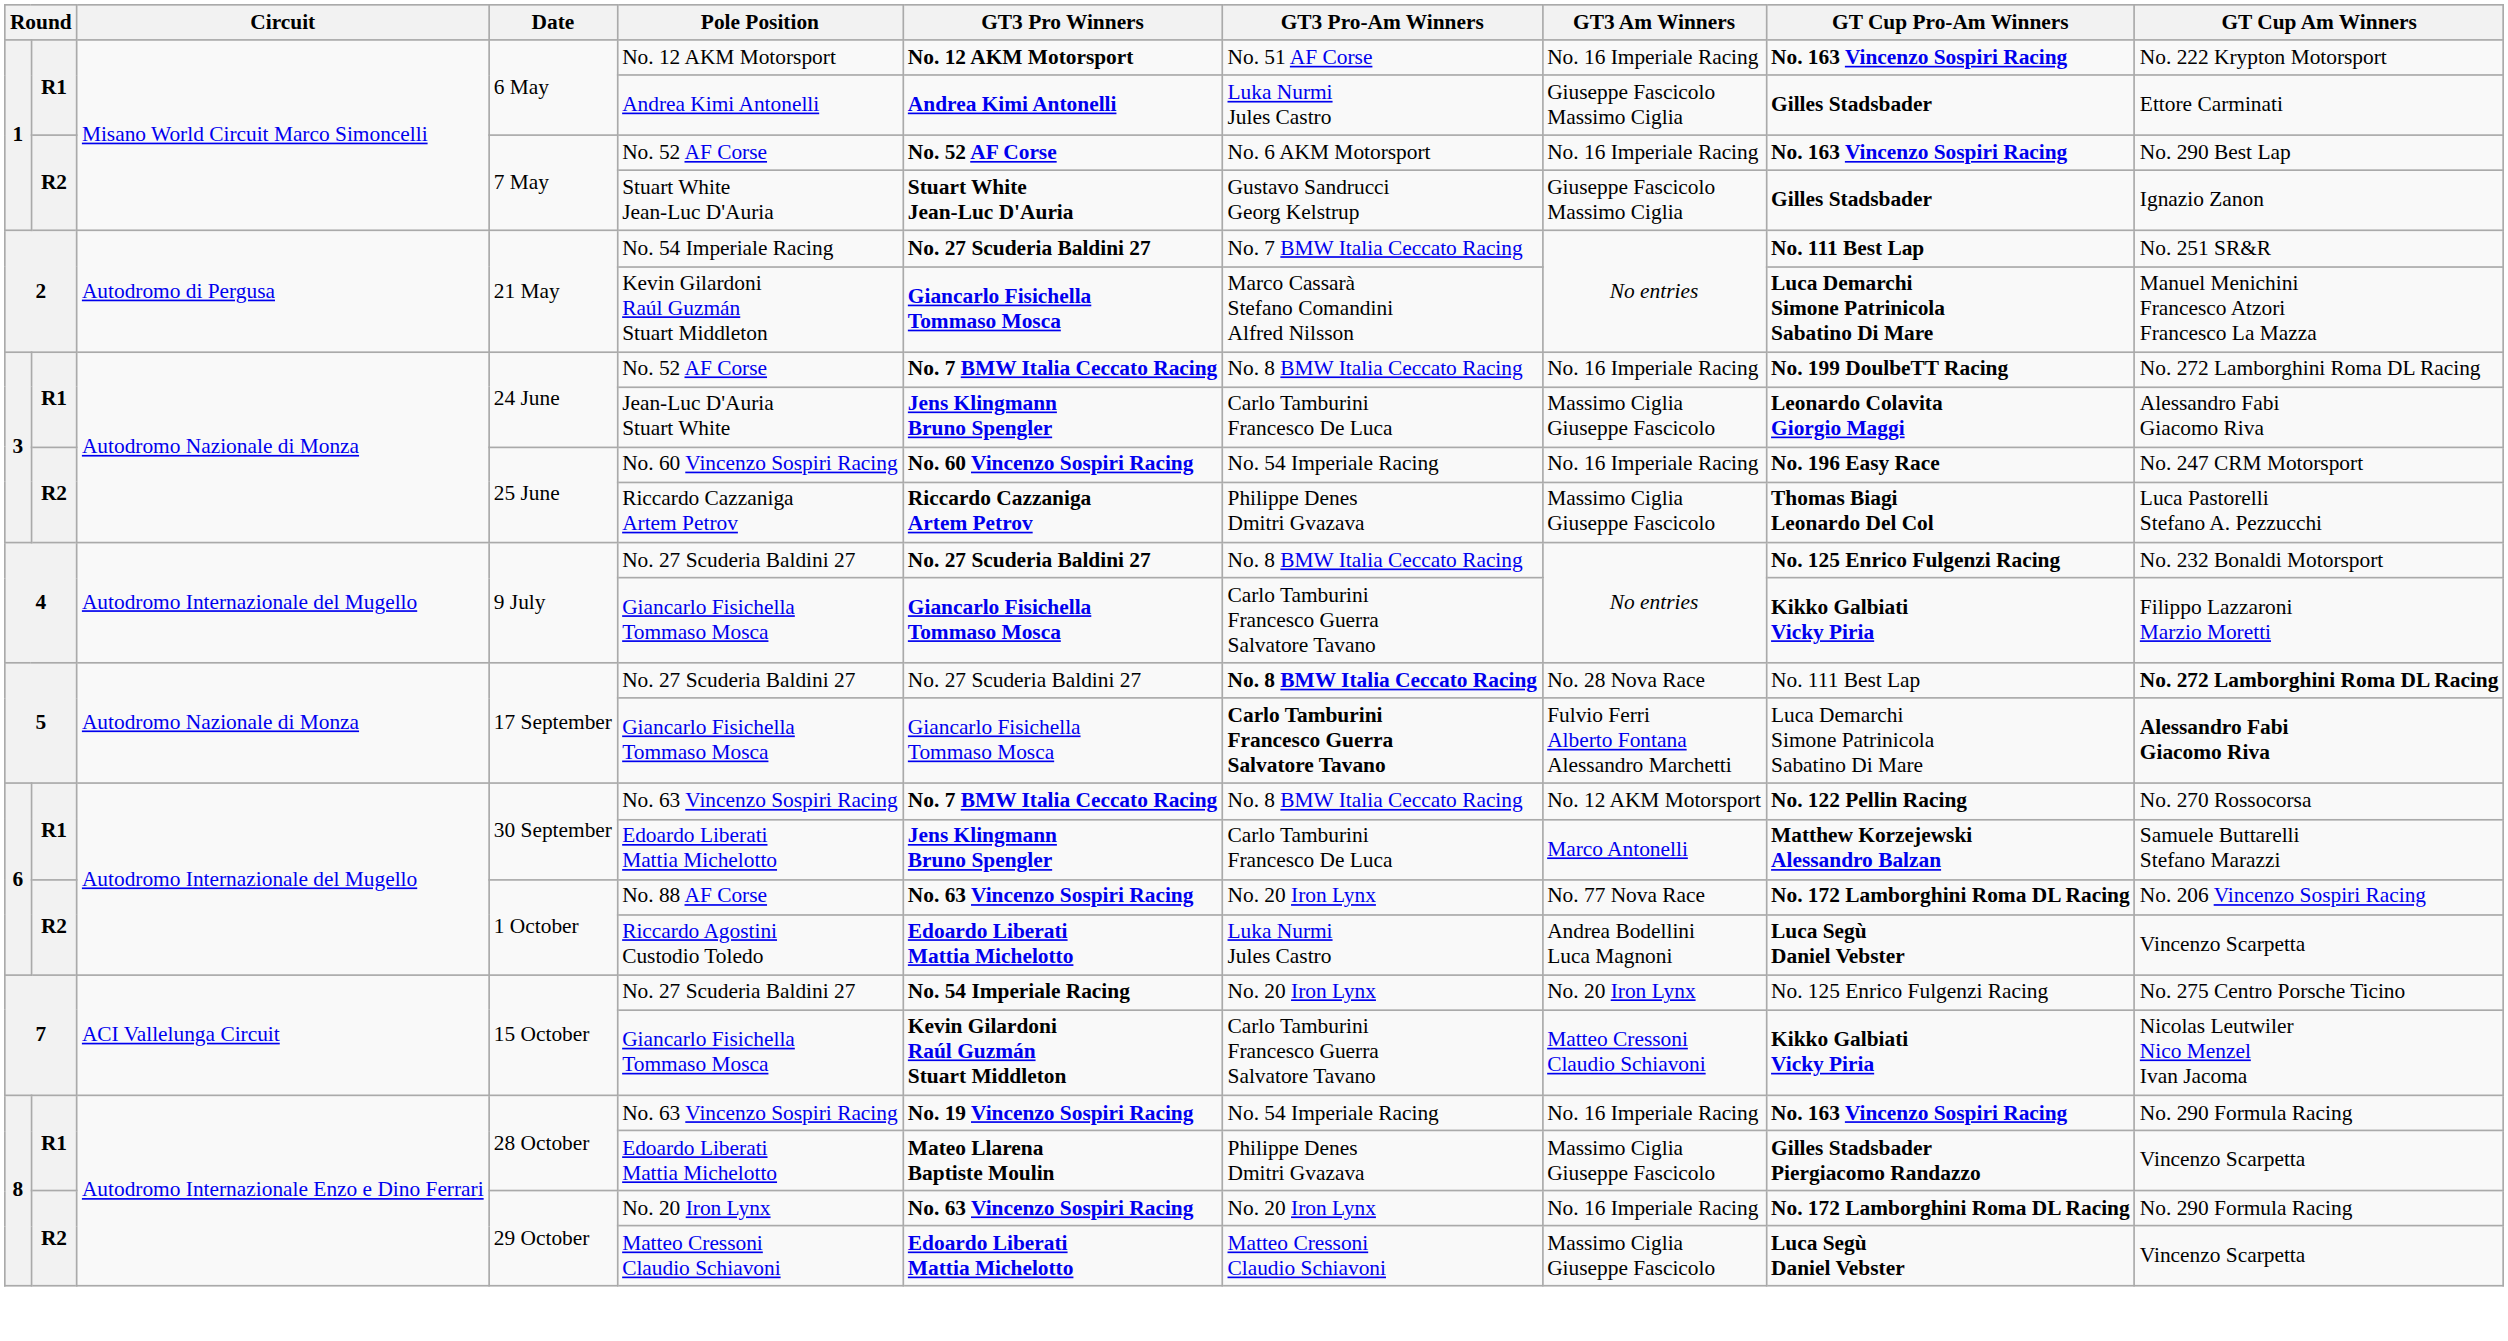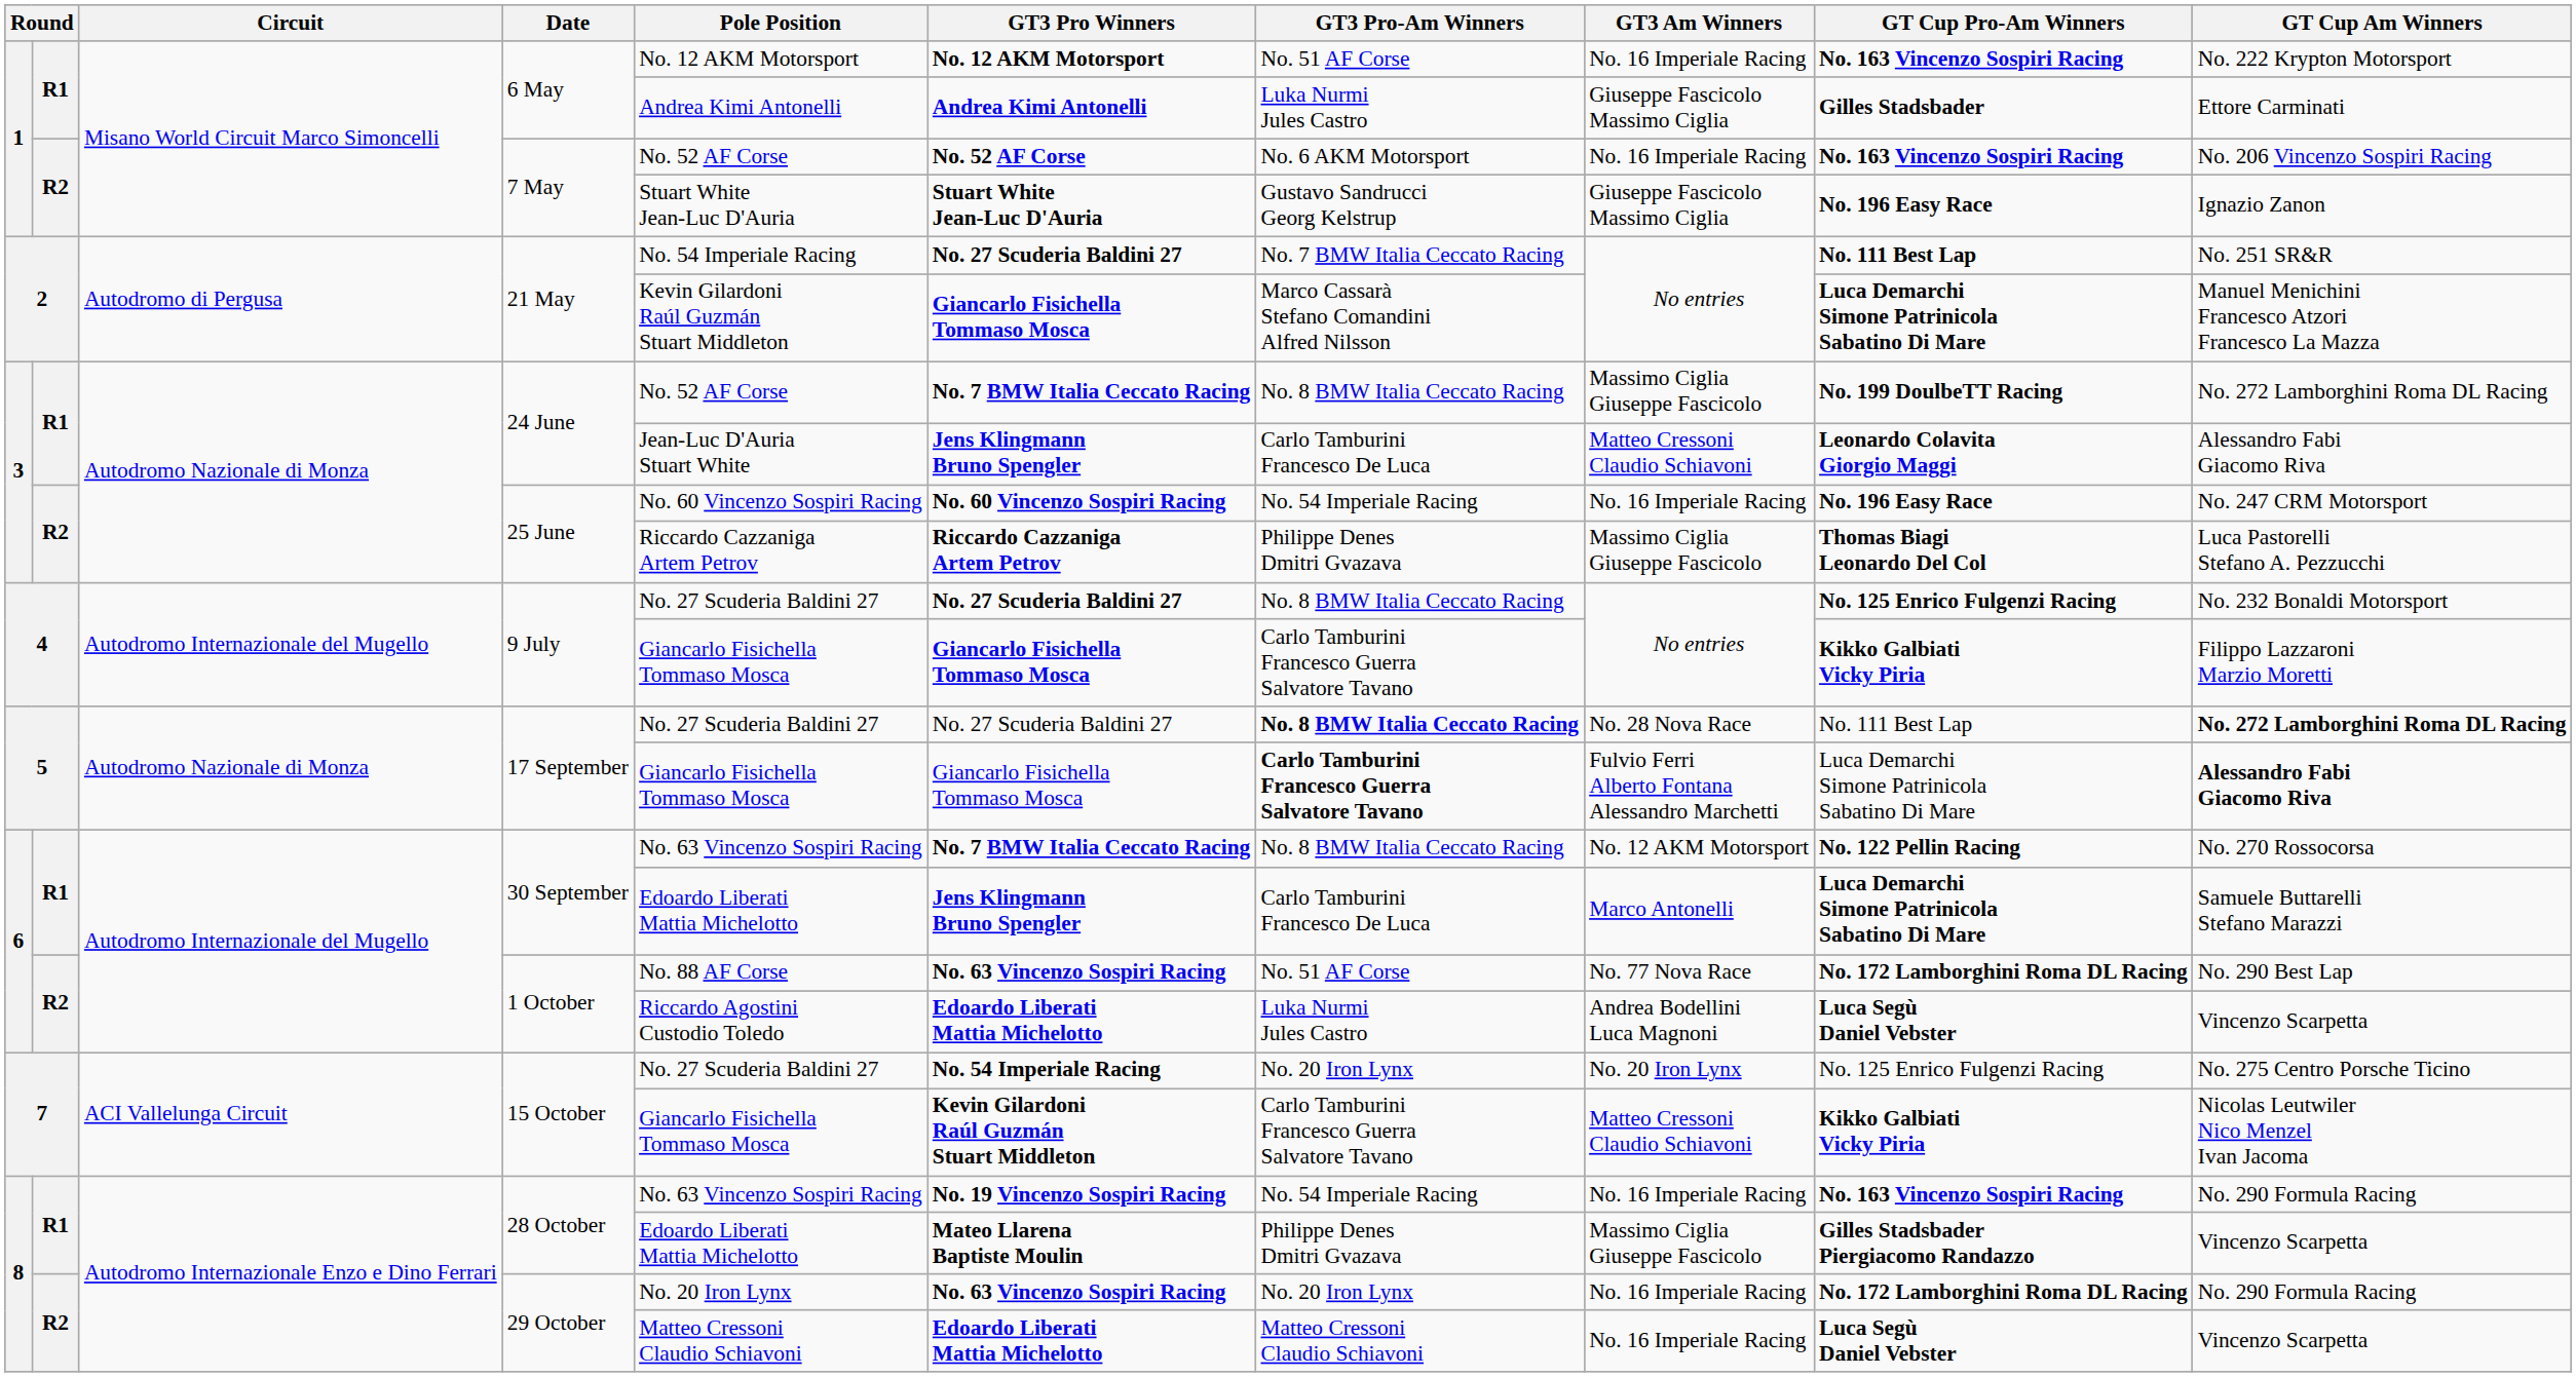 <table class="wikitable" style="font-size:80%;">
 <tr>
 <th colspan="2">Round</th>
 <th>Circuit</th>
 <th>Date</th>
 <th>Pole Position</th>
 <th>GT3 Pro Winners</th>
 <th>GT3 Pro-Am Winners</th>
 <th>GT3 Am Winners</th>
 <th>GT Cup Pro-Am Winners</th>
 <th>GT Cup Am Winners</th>
 </tr>
 <tr>
 <th rowspan="4">1</th>
 <th rowspan="2">R1</th>
 <td rowspan="4"> <a href='#'>Misano World Circuit Marco Simoncelli</a></td>
 <td rowspan="2">6 May</td>
 <td> No. 12 AKM Motorsport</td>
 <td><strong> No. 12 AKM Motorsport</strong></td>
 <td> No. 51 <a href='#'>AF Corse</a></td>
 <td> No. 16 Imperiale Racing</td>
 <td><strong> No. 163 <a href='#'>Vincenzo Sospiri Racing</a></strong></td>
 <td> No. 222 Krypton Motorsport</td>
 </tr>
 <tr>
 <td> <a href='#'>Andrea Kimi Antonelli</a></td>
 <td><strong> <a href='#'>Andrea Kimi Antonelli</a></strong></td>
 <td> <a href='#'>Luka Nurmi</a><br> Jules Castro</td>
 <td> Giuseppe Fascicolo<br> Massimo Ciglia</td>
 <td><strong> Gilles Stadsbader</strong></td>
 <td> Ettore Carminati</td>
 </tr>
 <tr>
 <th rowspan="2">R2</th>
 <td rowspan="2">7 May</td>
 <td> No. 52 <a href='#'>AF Corse</a></td>
 <td><strong> No. 52 <a href='#'>AF Corse</a></strong></td>
 <td> No. 6 AKM Motorsport</td>
 <td> No. 16 Imperiale Racing</td>
 <td><strong> No. 163 <a href='#'>Vincenzo Sospiri Racing</a></strong></td>
-<td> No. 290 Best Lap</td>
+<td> No. 206 <a href='#'>Vincenzo Sospiri Racing</a></td>
 </tr>
 <tr>
 <td> Stuart White<br> Jean-Luc D'Auria</td>
 <td><strong> Stuart White<br> Jean-Luc D'Auria</strong></td>
 <td> Gustavo Sandrucci<br> Georg Kelstrup</td>
 <td> Giuseppe Fascicolo<br> Massimo Ciglia</td>
-<td><strong> Gilles Stadsbader</strong></td>
+<td><strong> No. 196 Easy Race</strong></td>
 <td> Ignazio Zanon</td>
 </tr>
 <tr>
 <th rowspan="2" colspan="2">2</th>
 <td rowspan="2"> <a href='#'>Autodromo di Pergusa</a></td>
 <td rowspan="2">21 May</td>
 <td> No. 54 Imperiale Racing</td>
 <td><strong> No. 27 Scuderia Baldini 27</strong></td>
 <td> No. 7 <a href='#'>BMW Italia Ceccato Racing</a></td>
 <td rowspan=2 align=center><em>No entries</em></td>
 <td><strong> No. 111 Best Lap</strong></td>
 <td> No. 251 SR&R</td>
 </tr>
 <tr>
 <td> Kevin Gilardoni <br> <a href='#'>Raúl Guzmán</a> <br> Stuart Middleton</td>
 <td><strong> <a href='#'>Giancarlo Fisichella</a> <br> <a href='#'>Tommaso Mosca</a></strong></td>
 <td> Marco Cassarà <br> Stefano Comandini <br> Alfred Nilsson</td>
 <td><strong> Luca Demarchi <br> Simone Patrinicola <br> Sabatino Di Mare</strong></td>
 <td> Manuel Menichini <br> Francesco Atzori <br> Francesco La Mazza</td>
 </tr>
 <tr>
 <th rowspan="4">3</th>
 <th rowspan="2">R1</th>
 <td rowspan="4"> <a href='#'>Autodromo Nazionale di Monza</a></td>
 <td rowspan="2">24 June</td>
 <td> No. 52 <a href='#'>AF Corse</a></td>
 <td><strong> No. 7 <a href='#'>BMW Italia Ceccato Racing</a></strong></td>
 <td> No. 8 <a href='#'>BMW Italia Ceccato Racing</a></td>
-<td> No. 16 Imperiale Racing</td>
+<td> Massimo Ciglia <br> Giuseppe Fascicolo</td>
 <td><strong> No. 199 DoulbeTT Racing</strong></td>
 <td> No. 272 Lamborghini Roma DL Racing</td>
 </tr>
 <tr>
 <td> Jean-Luc D'Auria <br> Stuart White</td>
 <td><strong> <a href='#'>Jens Klingmann</a> <br> <a href='#'>Bruno Spengler</a></strong></td>
 <td> Carlo Tamburini <br> Francesco De Luca</td>
-<td> Massimo Ciglia <br> Giuseppe Fascicolo</td>
+<td> <a href='#'>Matteo Cressoni</a> <br> <a href='#'>Claudio Schiavoni</a></td>
 <td><strong> Leonardo Colavita <br> <a href='#'>Giorgio Maggi</a></strong></td>
 <td> Alessandro Fabi <br> Giacomo Riva</td>
 </tr>
 <tr>
 <th rowspan="2">R2</th>
 <td rowspan="2">25 June</td>
 <td> No. 60 <a href='#'>Vincenzo Sospiri Racing</a></td>
 <td><strong> No. 60 <a href='#'>Vincenzo Sospiri Racing</a></strong></td>
 <td> No. 54 Imperiale Racing</td>
 <td> No. 16 Imperiale Racing</td>
 <td><strong> No. 196 Easy Race</strong></td>
 <td> No. 247 CRM Motorsport</td>
 </tr>
 <tr>
 <td> Riccardo Cazzaniga <br> <a href='#'>Artem Petrov</a></td>
 <td><strong> Riccardo Cazzaniga <br> <a href='#'>Artem Petrov</a></strong></td>
 <td> Philippe Denes <br> Dmitri Gvazava</td>
 <td> Massimo Ciglia <br> Giuseppe Fascicolo</td>
 <td><strong> Thomas Biagi <br> Leonardo Del Col</strong></td>
 <td> Luca Pastorelli<br> Stefano A. Pezzucchi</td>
 </tr>
 <tr>
 <th rowspan="2" colspan="2">4</th>
 <td rowspan="2"> <a href='#'>Autodromo Internazionale del Mugello</a></td>
 <td rowspan="2">9 July</td>
 <td> No. 27 Scuderia Baldini 27</td>
 <td><strong> No. 27 Scuderia Baldini 27</strong></td>
 <td> No. 8 <a href='#'>BMW Italia Ceccato Racing</a></td>
 <td rowspan=2 align=center><em>No entries</em></td>
 <td><strong> No. 125 Enrico Fulgenzi Racing</strong></td>
 <td> No. 232 Bonaldi Motorsport</td>
 </tr>
 <tr>
 <td> <a href='#'>Giancarlo Fisichella</a> <br> <a href='#'>Tommaso Mosca</a></td>
 <td><strong> <a href='#'>Giancarlo Fisichella</a> <br> <a href='#'>Tommaso Mosca</a></strong></td>
 <td> Carlo Tamburini <br> Francesco Guerra <br> Salvatore Tavano</td>
 <td><strong> Kikko Galbiati <br> <a href='#'>Vicky Piria</a></strong></td>
 <td> Filippo Lazzaroni <br> <a href='#'>Marzio Moretti</a></td>
 </tr>
 <tr>
 <th rowspan="2" colspan="2">5</th>
 <td rowspan="2"> <a href='#'>Autodromo Nazionale di Monza</a></td>
 <td rowspan="2">17 September</td>
 <td> No. 27 Scuderia Baldini 27</td>
 <td> No. 27 Scuderia Baldini 27</td>
 <td><strong> No. 8 <a href='#'>BMW Italia Ceccato Racing</a></strong></td>
 <td> No. 28 Nova Race</td>
 <td> No. 111 Best Lap</td>
 <td><strong> No. 272 Lamborghini Roma DL Racing</strong></td>
 </tr>
 <tr>
 <td> <a href='#'>Giancarlo Fisichella</a> <br> <a href='#'>Tommaso Mosca</a></td>
 <td> <a href='#'>Giancarlo Fisichella</a> <br> <a href='#'>Tommaso Mosca</a></td>
 <td><strong> Carlo Tamburini <br> Francesco Guerra <br> Salvatore Tavano</strong></td>
 <td> Fulvio Ferri <br> <a href='#'>Alberto Fontana</a> <br> Alessandro Marchetti</td>
 <td> Luca Demarchi <br> Simone Patrinicola <br> Sabatino Di Mare</td>
 <td><strong> Alessandro Fabi <br> Giacomo Riva</strong></td>
 </tr>
 <tr>
 <th rowspan="4">6</th>
 <th rowspan="2">R1</th>
 <td rowspan="4"> <a href='#'>Autodromo Internazionale del Mugello</a></td>
 <td rowspan="2">30 September</td>
 <td> No. 63 <a href='#'>Vincenzo Sospiri Racing</a></td>
 <td><strong> No. 7 <a href='#'>BMW Italia Ceccato Racing</a></strong></td>
 <td> No. 8 <a href='#'>BMW Italia Ceccato Racing</a></td>
 <td> No. 12 AKM Motorsport</td>
 <td><strong> No. 122 Pellin Racing</strong></td>
 <td> No. 270 Rossocorsa</td>
 </tr>
 <tr>
 <td> <a href='#'>Edoardo Liberati</a> <br> <a href='#'>Mattia Michelotto</a></td>
 <td><strong> <a href='#'>Jens Klingmann</a> <br> <a href='#'>Bruno Spengler</a></strong></td>
 <td> Carlo Tamburini <br> Francesco De Luca</td>
 <td> <a href='#'>Marco Antonelli</a></td>
-<td><strong> Matthew Korzejewski <br> <a href='#'>Alessandro Balzan</a></strong></td>
+<td><strong> Luca Demarchi <br> Simone Patrinicola <br> Sabatino Di Mare</strong></td>
 <td> Samuele Buttarelli <br> Stefano Marazzi</td>
 </tr>
 <tr>
 <th rowspan="2">R2</th>
 <td rowspan="2">1 October</td>
 <td> No. 88 <a href='#'>AF Corse</a></td>
 <td><strong> No. 63 <a href='#'>Vincenzo Sospiri Racing</a></strong></td>
-<td> No. 20 <a href='#'>Iron Lynx</a></td>
+<td> No. 51 <a href='#'>AF Corse</a></td>
 <td> No. 77 Nova Race</td>
 <td><strong> No. 172 Lamborghini Roma DL Racing</strong></td>
-<td> No. 206 <a href='#'>Vincenzo Sospiri Racing</a></td>
+<td> No. 290 Best Lap</td>
 </tr>
 <tr>
 <td> <a href='#'>Riccardo Agostini</a> <br> Custodio Toledo</td>
 <td><strong> <a href='#'>Edoardo Liberati</a> <br> <a href='#'>Mattia Michelotto</a></strong></td>
 <td> <a href='#'>Luka Nurmi</a> <br> Jules Castro</td>
 <td> Andrea Bodellini <br> Luca Magnoni</td>
 <td><strong> Luca Segù <br> Daniel Vebster</strong></td>
 <td> Vincenzo Scarpetta</td>
 </tr>
 <tr>
 <th rowspan="2" colspan="2">7</th>
 <td rowspan="2"> <a href='#'>ACI Vallelunga Circuit</a></td>
 <td rowspan="2">15 October</td>
 <td> No. 27 Scuderia Baldini 27</td>
 <td><strong> No. 54 Imperiale Racing</strong></td>
 <td> No. 20 <a href='#'>Iron Lynx</a></td>
 <td> No. 20 <a href='#'>Iron Lynx</a></td>
 <td> No. 125 Enrico Fulgenzi Racing</td>
 <td> No. 275 Centro Porsche Ticino</td>
 </tr>
 <tr>
 <td> <a href='#'>Giancarlo Fisichella</a> <br> <a href='#'>Tommaso Mosca</a></td>
 <td><strong> Kevin Gilardoni <br> <a href='#'>Raúl Guzmán</a> <br> Stuart Middleton</strong></td>
 <td> Carlo Tamburini <br> Francesco Guerra <br> Salvatore Tavano</td>
 <td> <a href='#'>Matteo Cressoni</a> <br> <a href='#'>Claudio Schiavoni</a></td>
 <td><strong> Kikko Galbiati <br> <a href='#'>Vicky Piria</a></strong></td>
 <td> Nicolas Leutwiler <br> <a href='#'>Nico Menzel</a><br> Ivan Jacoma</td>
 </tr>
 <tr>
 <th rowspan="4">8</th>
 <th rowspan="2">R1</th>
 <td rowspan="4"> <a href='#'>Autodromo Internazionale Enzo e Dino Ferrari</a></td>
 <td rowspan="2">28 October</td>
 <td> No. 63 <a href='#'>Vincenzo Sospiri Racing</a></td>
 <td><strong> No. 19 <a href='#'>Vincenzo Sospiri Racing</a></strong></td>
 <td> No. 54 Imperiale Racing</td>
 <td> No. 16 Imperiale Racing</td>
 <td><strong> No. 163 <a href='#'>Vincenzo Sospiri Racing</a></strong></td>
 <td> No. 290 Formula Racing</td>
 </tr>
 <tr>
 <td> <a href='#'>Edoardo Liberati</a> <br> <a href='#'>Mattia Michelotto</a></td>
 <td><strong> Mateo Llarena <br> Baptiste Moulin</strong></td>
 <td> Philippe Denes <br> Dmitri Gvazava</td>
 <td> Massimo Ciglia <br> Giuseppe Fascicolo</td>
 <td><strong> Gilles Stadsbader <br> Piergiacomo Randazzo</strong></td>
 <td> Vincenzo Scarpetta</td>
 </tr>
 <tr>
 <th rowspan="2">R2</th>
 <td rowspan="2">29 October</td>
 <td> No. 20 <a href='#'>Iron Lynx</a></td>
 <td><strong> No. 63 <a href='#'>Vincenzo Sospiri Racing</a></strong></td>
 <td> No. 20 <a href='#'>Iron Lynx</a></td>
 <td> No. 16 Imperiale Racing</td>
 <td><strong> No. 172 Lamborghini Roma DL Racing</strong></td>
 <td> No. 290 Formula Racing</td>
 </tr>
 <tr>
 <td> <a href='#'>Matteo Cressoni</a> <br> <a href='#'>Claudio Schiavoni</a></td>
 <td><strong> <a href='#'>Edoardo Liberati</a> <br> <a href='#'>Mattia Michelotto</a></strong></td>
 <td> <a href='#'>Matteo Cressoni</a> <br> <a href='#'>Claudio Schiavoni</a></td>
-<td> Massimo Ciglia <br> Giuseppe Fascicolo</td>
+<td> No. 16 Imperiale Racing</td>
 <td><strong> Luca Segù <br> Daniel Vebster</strong></td>
 <td> Vincenzo Scarpetta</td>
 </tr>
 </table>
